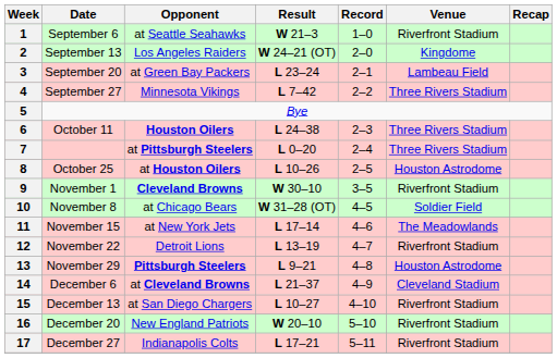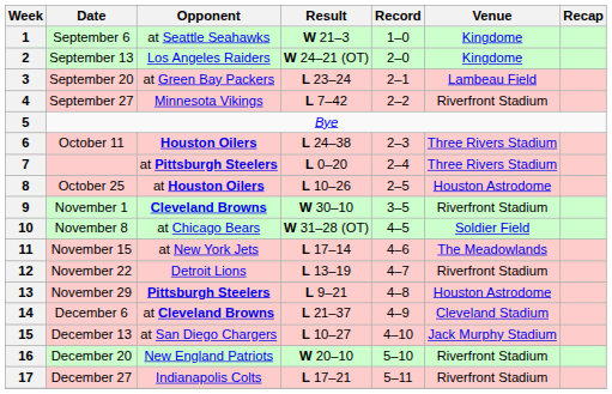 <table class="wikitable" style="text-align:center">
 <tr>
 <th>Week</th>
 <th>Date</th>
 <th>Opponent</th>
 <th>Result</th>
 <th>Record</th>
 <th>Venue</th>
 <th>Recap</th>
 </tr>
 <tr style="background:#cfc">
 <th>1</th>
 <td>September 6</td>
 <td>at <a href='#'>Seattle Seahawks</a></td>
 <td><strong>W</strong> 21–3</td>
 <td>1–0</td>
-<td>Riverfront Stadium</td>
+<td><a href='#'>Kingdome</a></td>
 <td></td>
 </tr>
 <tr style="background:#cfc">
 <th>2</th>
 <td>September 13</td>
 <td><a href='#'>Los Angeles Raiders</a></td>
 <td><strong>W</strong> 24–21 (OT)</td>
 <td>2–0</td>
 <td><a href='#'>Kingdome</a></td>
 <td></td>
 </tr>
 <tr style="background:#fcc">
 <th>3</th>
 <td>September 20</td>
 <td>at <a href='#'>Green Bay Packers</a></td>
 <td><strong>L </strong>  23–24</td>
 <td>2–1</td>
 <td><a href='#'>Lambeau Field</a></td>
 <td></td>
 </tr>
 <tr style="background:#fcc">
 <th>4</th>
 <td>September 27</td>
 <td><a href='#'>Minnesota Vikings</a></td>
 <td><strong>L</strong> 7–42</td>
 <td>2–2</td>
-<td><a href='#'>Three Rivers Stadium</a></td>
+<td>Riverfront Stadium</td>
 <td></td>
 </tr>
 <tr>
 <th>5</th>
 <td colspan="6" style="text-align:center;"><em><a href='#'>Bye</a></em></td>
 </tr>
 <tr style="background:#fcc">
 <th>6</th>
 <td>October 11</td>
 <td><strong><a href='#'>Houston Oilers</a></strong></td>
 <td><strong>L</strong>  24–38</td>
 <td>2–3</td>
 <td><a href='#'>Three Rivers Stadium</a></td>
 <td></td>
 </tr>
 <tr style="background:#fcc">
 <th>7</th>
 <td></td>
 <td>at <strong><a href='#'>Pittsburgh Steelers</a></strong></td>
 <td><strong>L</strong> 0–20</td>
 <td>2–4</td>
 <td><a href='#'>Three Rivers Stadium</a></td>
 <td></td>
 </tr>
 <tr style="background:#fcc">
 <th>8</th>
 <td>October 25</td>
 <td>at <strong><a href='#'>Houston Oilers</a></strong></td>
 <td><strong>L</strong> 10–26</td>
 <td>2–5</td>
 <td><a href='#'>Houston Astrodome</a></td>
 <td></td>
 </tr>
 <tr style="background:#cfc">
 <th>9</th>
 <td>November 1</td>
 <td><strong><a href='#'>Cleveland Browns</a></strong></td>
 <td><strong>W</strong> 30–10</td>
 <td>3–5</td>
 <td>Riverfront Stadium</td>
 <td></td>
 </tr>
 <tr style="background:#cfc">
 <th>10</th>
 <td>November 8</td>
 <td>at <a href='#'>Chicago Bears</a></td>
 <td><strong>W</strong> 31–28 (OT)</td>
 <td>4–5</td>
 <td><a href='#'>Soldier Field</a></td>
 <td></td>
 </tr>
 <tr style="background:#fcc">
 <th>11</th>
 <td>November 15</td>
 <td>at <a href='#'>New York Jets</a></td>
 <td><strong>L</strong> 17–14</td>
 <td>4–6</td>
 <td><a href='#'>The Meadowlands</a></td>
 <td></td>
 </tr>
 <tr style="background:#fcc">
 <th>12</th>
 <td>November 22</td>
 <td><a href='#'>Detroit Lions</a></td>
 <td><strong>L</strong> 13–19</td>
 <td>4–7</td>
 <td>Riverfront Stadium</td>
 <td></td>
 </tr>
 <tr style="background:#fcc">
 <th>13</th>
 <td>November 29</td>
 <td><strong><a href='#'>Pittsburgh Steelers</a></strong></td>
 <td><strong>L</strong>  9–21</td>
 <td>4–8</td>
 <td><a href='#'>Houston Astrodome</a></td>
 <td></td>
 </tr>
 <tr style="background:#fcc">
 <th>14</th>
 <td>December 6</td>
 <td>at <strong><a href='#'>Cleveland Browns</a></strong></td>
 <td><strong> L</strong>  21–37</td>
 <td>4–9</td>
 <td><a href='#'>Cleveland Stadium</a></td>
 <td></td>
 </tr>
 <tr style="background:#fcc">
 <th>15</th>
 <td>December 13</td>
 <td>at <a href='#'>San Diego Chargers</a></td>
 <td><strong>L</strong>  10–27</td>
 <td>4–10</td>
-<td>Riverfront Stadium</td>
+<td><a href='#'>Jack Murphy Stadium</a></td>
 <td></td>
 </tr>
 <tr style="background:#cfc">
 <th>16</th>
 <td>December 20</td>
 <td><a href='#'>New England Patriots</a></td>
 <td><strong>W</strong>  20–10</td>
 <td>5–10</td>
 <td>Riverfront Stadium</td>
 <td></td>
 </tr>
 <tr style="background:#fcc">
 <th>17</th>
 <td>December 27</td>
 <td><a href='#'>Indianapolis Colts</a></td>
 <td><strong> L</strong> 17–21</td>
 <td>5–11</td>
 <td>Riverfront Stadium</td>
 <td></td>
 </tr>
 <tr>
 </tr>
 </table>
